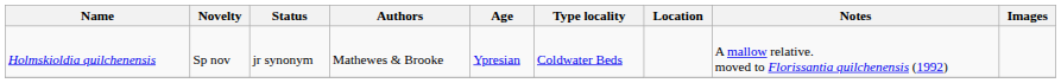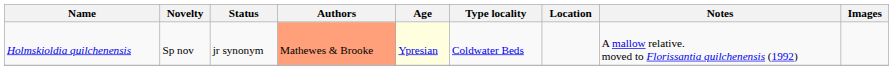 <table class="wikitable sortable" align="center" width="100%">
 <tr>
 <th>Name</th>
 <th>Novelty</th>
 <th>Status</th>
 <th>Authors</th>
 <th>Age</th>
 <th>Type locality</th>
 <th>Location</th>
 <th>Notes</th>
 <th>Images</th>
 </tr>
 <tr>
 <td><br><em><a href='#'>Holmskioldia quilchenensis</a></em></td>
 <td><br>Sp nov</td>
 <td><br>jr synonym</td>
-<td><br>Mathewes & Brooke</td>
-<td><br><a href='#'>Ypresian</a></td>
+<td style="background: lightsalmon;"><br>Mathewes & Brooke</td>
+<td style="background: lightyellow;"><br><a href='#'>Ypresian</a></td>
 <td><br><a href='#'>Coldwater Beds</a></td>
 <td><br><br></td>
 <td><br>A <a href='#'>mallow</a> relative.<br> moved to <em><a href='#'>Florissantia quilchenensis</a></em> (<a href='#'>1992</a>)</td>
 <td><br></td>
 </tr>
 <tr>
 </tr>
 </table>
